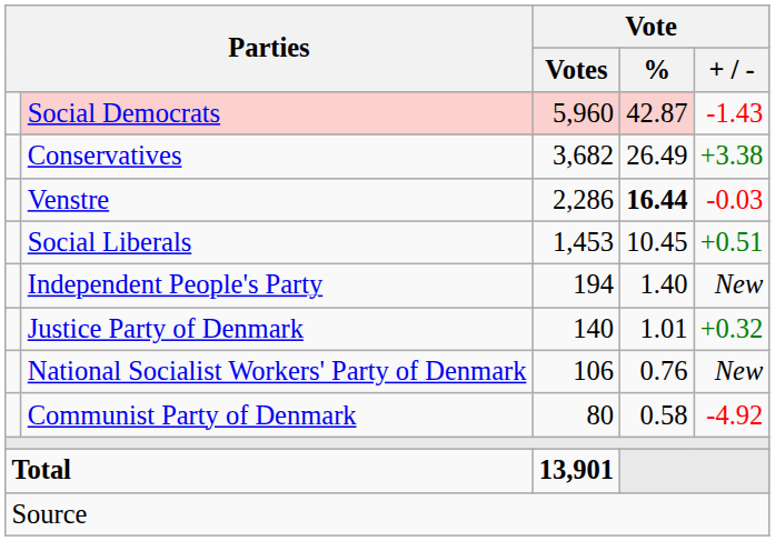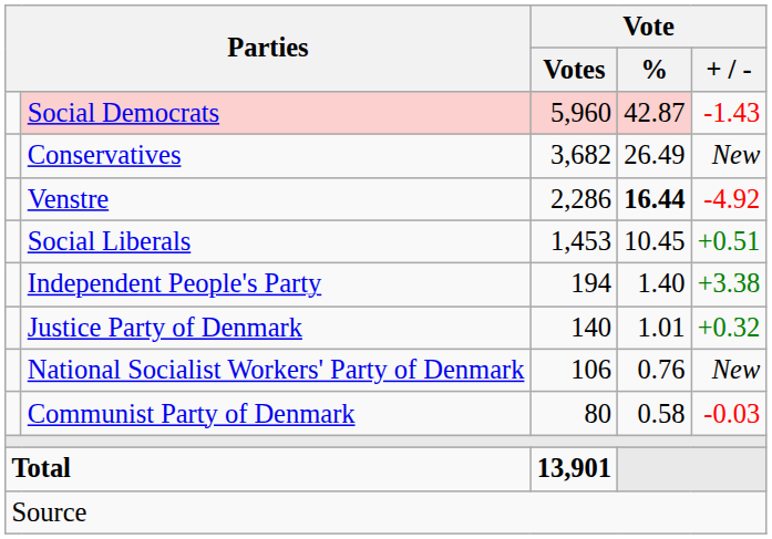 <table class="wikitable" style="text-align:right;">
 <tr>
 <th style="text-align:centre;" rowspan="2" colspan="2" width="225">Parties</th>
 <th colspan="3">Vote</th>
 </tr>
 <tr>
 <th width="15">Votes</th>
 <th width="15">%</th>
 <th width="15">+ / -</th>
 </tr>
 <tr>
 <td width="2" style="color:inherit;background:"></td>
 <td bgcolor=#fbd0ce  align="left"><a href='#'>Social Democrats</a></td>
 <td bgcolor=#fbd0ce>5,960</td>
 <td bgcolor=#fbd0ce>42.87</td>
 <td style=color:red;>-1.43</td>
 </tr>
 <tr>
 <td width="2" style="color:inherit;background:"></td>
 <td align="left"><a href='#'>Conservatives</a></td>
 <td>3,682</td>
 <td>26.49</td>
-<td style=color:green;>+3.38</td>
+<td><em>New</em></td>
 </tr>
 <tr>
 <td width="2" style="color:inherit;background:"></td>
 <td align="left"><a href='#'>Venstre</a></td>
 <td>2,286</td>
 <td><strong>16.44</strong></td>
-<td style=color:red;>-0.03</td>
+<td style=color:red;>-4.92</td>
 </tr>
 <tr>
 <td width="2" style="color:inherit;background:"></td>
 <td align="left"><a href='#'>Social Liberals</a></td>
 <td>1,453</td>
 <td>10.45</td>
 <td style=color:green;>+0.51</td>
 </tr>
 <tr>
 <td width="2" style="color:inherit;background:"></td>
 <td align="left"><a href='#'>Independent People's Party</a></td>
 <td>194</td>
 <td>1.40</td>
-<td><em>New</em></td>
+<td style=color:green;>+3.38</td>
 </tr>
 <tr>
 <td width="2" style="color:inherit;background:"></td>
 <td align="left"><a href='#'>Justice Party of Denmark</a></td>
 <td>140</td>
 <td>1.01</td>
 <td style=color:green;>+0.32</td>
 </tr>
 <tr>
 <td width="2" style="color:inherit;background:"></td>
 <td align="left"><a href='#'>National Socialist Workers' Party of Denmark</a></td>
 <td>106</td>
 <td>0.76</td>
 <td><em>New</em></td>
 </tr>
 <tr>
 <td width="2" style="color:inherit;background:"></td>
 <td align="left"><a href='#'>Communist Party of Denmark</a></td>
 <td>80</td>
 <td>0.58</td>
-<td style=color:red;>-4.92</td>
+<td style=color:red;>-0.03</td>
 </tr>
 <tr>
 <td colspan="7" bgcolor="#E9E9E9"></td>
 </tr>
 <tr>
 <td align="left" colspan="2"><strong>Total</strong></td>
 <td><strong>13,901</strong></td>
 <td bgcolor="#E9E9E9" colspan="2"></td>
 </tr>
 <tr>
 <td align="left" colspan="6">Source</td>
 </tr>
 </table>
